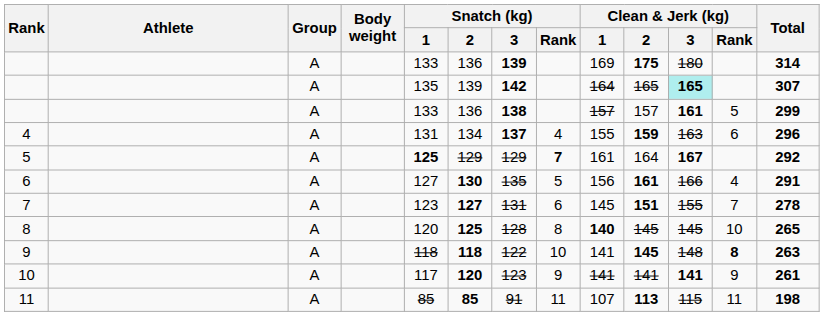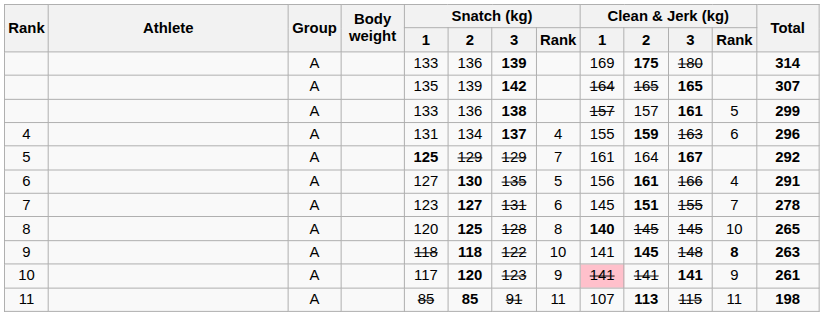 <table class = "wikitable" style="text-align:center;">
 <tr>
 <th rowspan=2 width=40>Rank</th>
 <th rowspan=2 width=250>Athlete</th>
 <th rowspan=2 width=50>Group</th>
 <th rowspan=2 width=60>Body weight</th>
 <th colspan=4>Snatch (kg)</th>
 <th colspan=4>Clean & Jerk (kg)</th>
 <th rowspan=2 width=60>Total</th>
 </tr>
 <tr>
 <th width=40>1</th>
 <th width=40>2</th>
 <th width=40>3</th>
 <th width=40>Rank</th>
 <th width=40>1</th>
 <th width=40>2</th>
 <th width=40>3</th>
 <th width=40>Rank</th>
 </tr>
 <tr>
 <td></td>
 <td align=left></td>
 <td>A</td>
 <td></td>
 <td>133</td>
 <td>136</td>
 <td><strong>139</strong></td>
 <td></td>
 <td>169</td>
 <td><strong>175</strong></td>
 <td><s>180</s></td>
 <td></td>
 <td><strong>314</strong></td>
 </tr>
 <tr>
 <td></td>
 <td align=left></td>
 <td>A</td>
 <td></td>
 <td>135</td>
 <td>139</td>
 <td><strong>142</strong></td>
 <td></td>
 <td><s>164</s></td>
 <td><s>165</s></td>
-<td style="background: paleturquoise;"><strong>165</strong></td>
+<td><strong>165</strong></td>
 <td></td>
 <td><strong>307</strong></td>
 </tr>
 <tr>
 <td></td>
 <td align=left></td>
 <td>A</td>
 <td></td>
 <td>133</td>
 <td>136</td>
 <td><strong>138</strong></td>
 <td></td>
 <td><s>157</s></td>
 <td>157</td>
 <td><strong>161</strong></td>
 <td>5</td>
 <td><strong>299</strong></td>
 </tr>
 <tr>
 <td>4</td>
 <td align=left></td>
 <td>A</td>
 <td></td>
 <td>131</td>
 <td>134</td>
 <td><strong>137</strong></td>
 <td>4</td>
 <td>155</td>
 <td><strong>159</strong></td>
 <td><s>163</s></td>
 <td>6</td>
 <td><strong>296</strong></td>
 </tr>
 <tr>
 <td>5</td>
 <td align=left></td>
 <td>A</td>
 <td></td>
 <td><strong>125</strong></td>
 <td><s>129</s></td>
 <td><s>129</s></td>
-<td><strong>7</strong></td>
+<td>7</td>
 <td>161</td>
 <td>164</td>
 <td><strong>167</strong></td>
 <td></td>
 <td><strong>292</strong></td>
 </tr>
 <tr>
 <td>6</td>
 <td align=left></td>
 <td>A</td>
 <td></td>
 <td>127</td>
 <td><strong>130</strong></td>
 <td><s>135</s></td>
 <td>5</td>
 <td>156</td>
 <td><strong>161</strong></td>
 <td><s>166</s></td>
 <td>4</td>
 <td><strong>291</strong></td>
 </tr>
 <tr>
 <td>7</td>
 <td align=left></td>
 <td>A</td>
 <td></td>
 <td>123</td>
 <td><strong>127</strong></td>
 <td><s>131</s></td>
 <td>6</td>
 <td>145</td>
 <td><strong>151</strong></td>
 <td><s>155</s></td>
 <td>7</td>
 <td><strong>278</strong></td>
 </tr>
 <tr>
 <td>8</td>
 <td align=left></td>
 <td>A</td>
 <td></td>
 <td>120</td>
 <td><strong>125</strong></td>
 <td><s>128</s></td>
 <td>8</td>
 <td><strong>140</strong></td>
 <td><s>145</s></td>
 <td><s>145</s></td>
 <td>10</td>
 <td><strong>265</strong></td>
 </tr>
 <tr>
 <td>9</td>
 <td align=left></td>
 <td>A</td>
 <td></td>
 <td><s>118</s></td>
 <td><strong>118</strong></td>
 <td><s>122</s></td>
 <td>10</td>
 <td>141</td>
 <td><strong>145</strong></td>
 <td><s>148</s></td>
 <td><strong>8</strong></td>
 <td><strong>263</strong></td>
 </tr>
 <tr>
 <td>10</td>
 <td align=left></td>
 <td>A</td>
 <td></td>
 <td>117</td>
 <td><strong>120</strong></td>
 <td><s>123</s></td>
 <td>9</td>
-<td><s>141</s></td>
+<td style="background: pink;"><s>141</s></td>
 <td><s>141</s></td>
 <td><strong>141</strong></td>
 <td>9</td>
 <td><strong>261</strong></td>
 </tr>
 <tr>
 <td>11</td>
 <td align=left></td>
 <td>A</td>
 <td></td>
 <td><s>85</s></td>
 <td><strong>85</strong></td>
 <td><s>91</s></td>
 <td>11</td>
 <td>107</td>
 <td><strong>113</strong></td>
 <td><s>115</s></td>
 <td>11</td>
 <td><strong>198</strong></td>
 </tr>
 </table>
